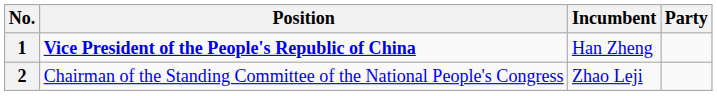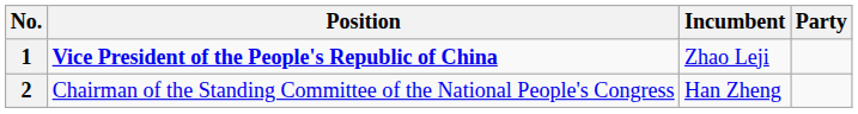 <table class="wikitable">
 <tr>
 <th><abbr>No.</abbr></th>
 <th>Position</th>
 <th>Incumbent</th>
 <th colspan="2">Party</th>
 </tr>
 <tr>
 <th>1</th>
 <td><strong><a href='#'>Vice President of the People's Republic of China</a></strong></td>
-<td><a href='#'>Han Zheng</a></td>
+<td><a href='#'>Zhao Leji</a></td>
 <td></td>
 </tr>
 <tr>
 <th>2</th>
 <td><a href='#'>Chairman of the Standing Committee of the National People's Congress</a></td>
-<td><a href='#'>Zhao Leji</a></td>
+<td><a href='#'>Han Zheng</a></td>
 <td></td>
 </tr>
 </table>
